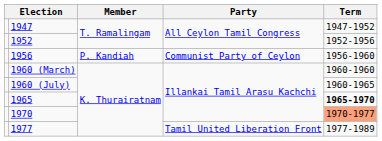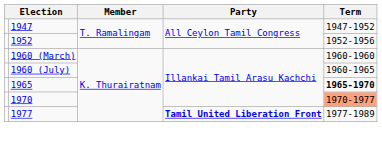 <table class="wikitable">
 <tr>
 <th colspan="2">Election</th>
 <th>Member</th>
 <th>Party</th>
 <th>Term</th>
 </tr>
 <tr>
 <td style="background-color: "></td>
 <td><a href='#'>1947</a></td>
 <td rowspan ="2"><a href='#'>T. Ramalingam</a></td>
 <td rowspan ="2"><a href='#'>All Ceylon Tamil Congress</a></td>
 <td>1947-1952</td>
 </tr>
 <tr>
 <td style="background-color: "></td>
 <td><a href='#'>1952</a></td>
 <td>1952-1956</td>
-</tr>
-<tr>
-<td style="background-color: "></td>
-<td><a href='#'>1956</a></td>
-<td><a href='#'>P. Kandiah</a></td>
-<td><a href='#'>Communist Party of Ceylon</a></td>
-<td>1956-1960</td>
 </tr>
 <tr>
 <td style="background-color: "></td>
 <td><a href='#'>1960 (March)</a></td>
 <td rowspan ="5"><a href='#'>K. Thurairatnam</a></td>
 <td rowspan ="4"><a href='#'>Illankai Tamil Arasu Kachchi</a></td>
 <td>1960-1960</td>
 </tr>
 <tr>
 <td style="background-color: "></td>
 <td><a href='#'>1960 (July)</a></td>
 <td>1960-1965</td>
 </tr>
 <tr>
 <td style="background-color: "></td>
 <td><a href='#'>1965</a></td>
 <td><strong>1965-1970</strong></td>
 </tr>
 <tr>
 <td style="background-color: "></td>
 <td><a href='#'>1970</a></td>
 <td style="background: lightsalmon;">1970-1977</td>
 </tr>
 <tr>
 <td style="background-color: "></td>
 <td><a href='#'>1977</a></td>
-<td><a href='#'>Tamil United Liberation Front</a></td>
+<td><strong><a href='#'>Tamil United Liberation Front</a></strong></td>
 <td>1977-1989</td>
 </tr>
 </table>
